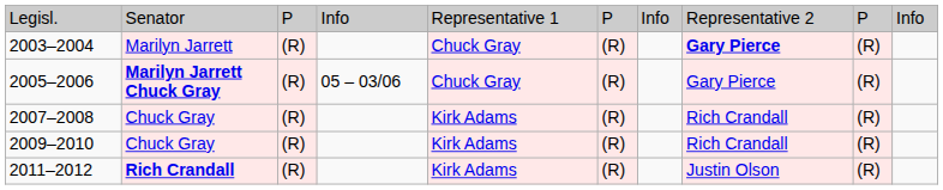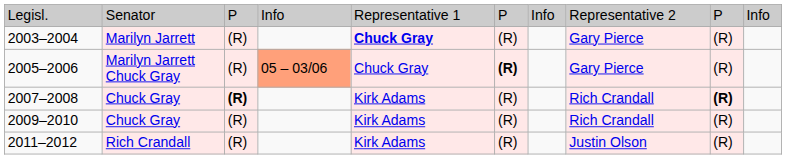 <table class=wikitable width="100%" border="1">
 <tr style="background-color:#cccccc;">
 <td>Legisl.</td>
 <td>Senator</td>
 <td>P</td>
 <td>Info</td>
 <td>Representative 1</td>
 <td>P</td>
 <td>Info</td>
 <td>Representative 2</td>
 <td>P</td>
 <td>Info</td>
 </tr>
 <tr>
 <td>2003–2004</td>
 <td style="background:#FFE8E8"><a href='#'>Marilyn Jarrett</a></td>
 <td style="background:#FFE8E8">(R)</td>
 <td></td>
-<td style="background:#FFE8E8"><a href='#'>Chuck Gray</a></td>
+<td style="background:#FFE8E8"><strong><a href='#'>Chuck Gray</a></strong></td>
 <td style="background:#FFE8E8">(R)</td>
 <td></td>
-<td style="background:#FFE8E8"><strong><a href='#'>Gary Pierce</a></strong></td>
+<td style="background:#FFE8E8"><a href='#'>Gary Pierce</a></td>
 <td style="background:#FFE8E8">(R)</td>
 <td></td>
 </tr>
 <tr>
 <td>2005–2006</td>
-<td style="background:#FFE8E8"><strong><a href='#'>Marilyn Jarrett</a><br><a href='#'>Chuck Gray</a></strong></td>
+<td style="background:#FFE8E8"><a href='#'>Marilyn Jarrett</a><br><a href='#'>Chuck Gray</a></td>
 <td style="background:#FFE8E8">(R)</td>
-<td> 05 – 03/06</td>
+<td style="background: lightsalmon;"> 05 – 03/06</td>
 <td style="background:#FFE8E8"><a href='#'>Chuck Gray</a></td>
-<td style="background:#FFE8E8">(R)</td>
+<td style="background:#FFE8E8"><strong>(R)</strong></td>
 <td></td>
 <td style="background:#FFE8E8"><a href='#'>Gary Pierce</a></td>
 <td style="background:#FFE8E8">(R)</td>
 <td></td>
 </tr>
 <tr>
 <td>2007–2008</td>
 <td style="background:#FFE8E8"><a href='#'>Chuck Gray</a></td>
-<td style="background:#FFE8E8">(R)</td>
+<td style="background:#FFE8E8"><strong>(R)</strong></td>
 <td></td>
 <td style="background:#FFE8E8"><a href='#'>Kirk Adams</a></td>
 <td style="background:#FFE8E8">(R)</td>
 <td></td>
 <td style="background:#FFE8E8"><a href='#'>Rich Crandall</a></td>
-<td style="background:#FFE8E8">(R)</td>
+<td style="background:#FFE8E8"><strong>(R)</strong></td>
 <td></td>
 </tr>
 <tr>
 <td>2009–2010</td>
 <td style="background:#FFE8E8"><a href='#'>Chuck Gray</a></td>
 <td style="background:#FFE8E8">(R)</td>
 <td></td>
 <td style="background:#FFE8E8"><a href='#'>Kirk Adams</a></td>
 <td style="background:#FFE8E8">(R)</td>
 <td></td>
 <td style="background:#FFE8E8"><a href='#'>Rich Crandall</a></td>
 <td style="background:#FFE8E8">(R)</td>
 <td></td>
 </tr>
 <tr>
 <td>2011–2012</td>
-<td style="background:#FFE8E8"><strong><a href='#'>Rich Crandall</a></strong></td>
+<td style="background:#FFE8E8"><a href='#'>Rich Crandall</a></td>
 <td style="background:#FFE8E8">(R)</td>
 <td></td>
 <td style="background:#FFE8E8"><a href='#'>Kirk Adams</a></td>
 <td style="background:#FFE8E8">(R)</td>
 <td></td>
 <td style="background:#FFE8E8"><a href='#'>Justin Olson</a></td>
 <td style="background:#FFE8E8">(R)</td>
 <td></td>
 </tr>
 </table>
